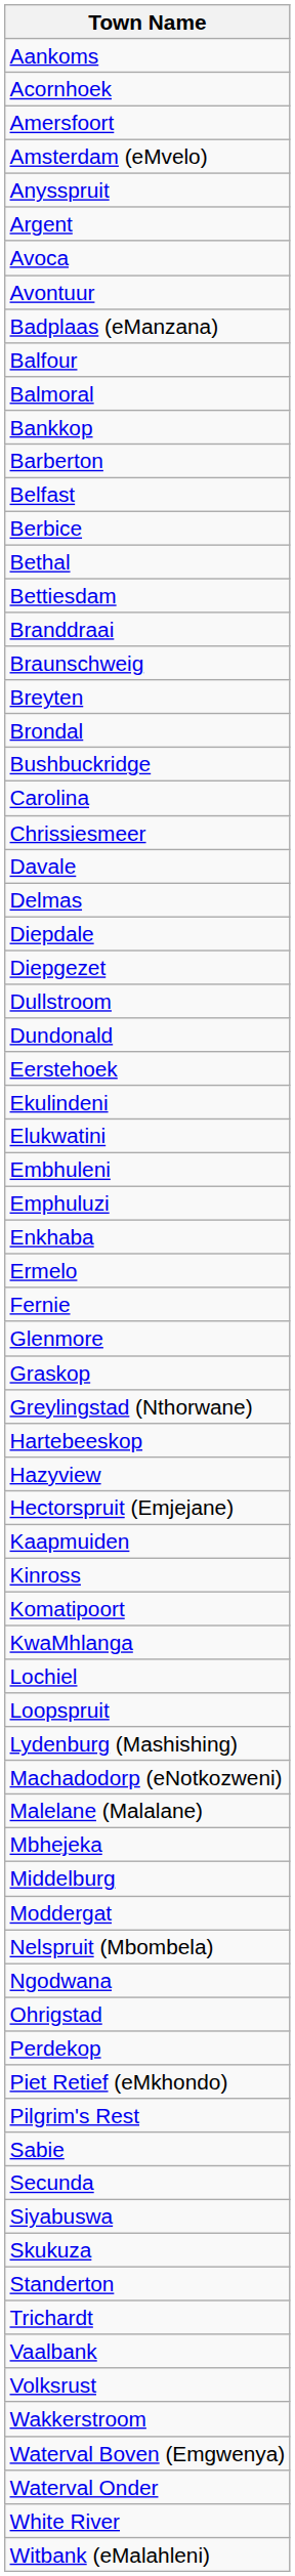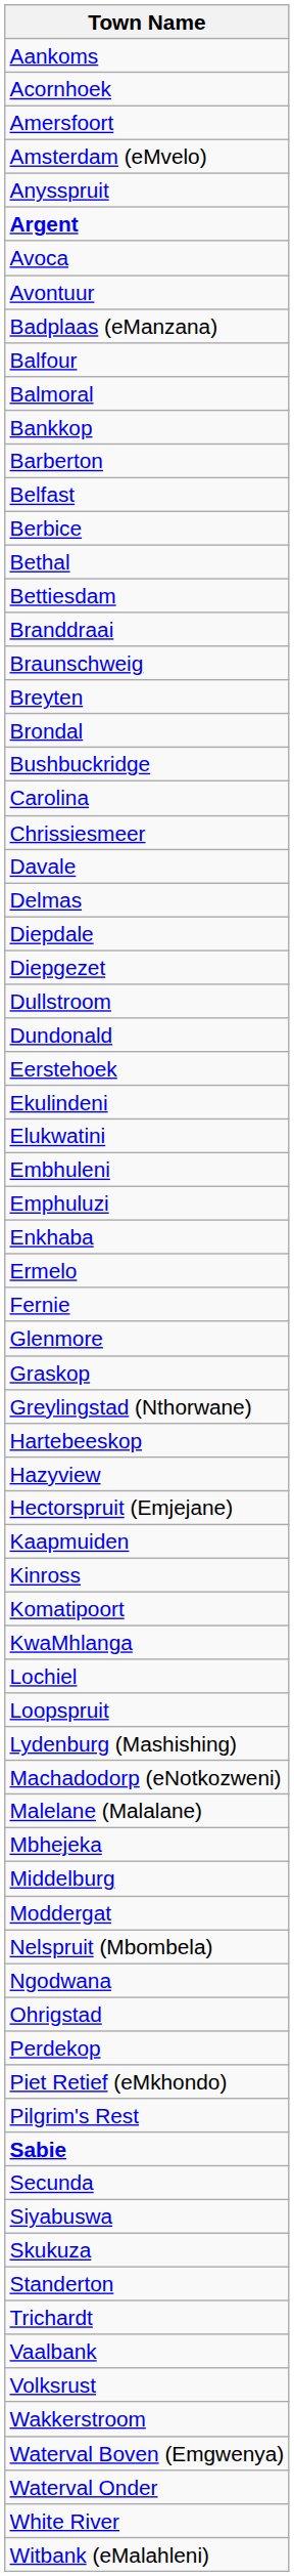 <table class="wikitable sortable" style="font-size: 95%;">
 <tr>
 <th>Town Name</th>
 </tr>
 <tr>
 <td><a href='#'>Aankoms</a></td>
 </tr>
 <tr>
 <td><a href='#'>Acornhoek</a></td>
 </tr>
 <tr>
 <td><a href='#'>Amersfoort</a></td>
 </tr>
 <tr>
 <td><a href='#'>Amsterdam</a> (eMvelo)</td>
 </tr>
 <tr>
 <td><a href='#'>Anysspruit</a></td>
 </tr>
 <tr>
-<td><a href='#'>Argent</a></td>
+<td><strong><a href='#'>Argent</a></strong></td>
 </tr>
 <tr>
 <td><a href='#'>Avoca</a></td>
 </tr>
 <tr>
 <td><a href='#'>Avontuur</a></td>
 </tr>
 <tr>
 <td><a href='#'>Badplaas</a> (eManzana)</td>
 </tr>
 <tr>
 <td><a href='#'>Balfour</a></td>
 </tr>
 <tr>
 <td><a href='#'>Balmoral</a></td>
 </tr>
 <tr>
 <td><a href='#'>Bankkop</a></td>
 </tr>
 <tr>
 <td><a href='#'>Barberton</a></td>
 </tr>
 <tr>
 <td><a href='#'>Belfast</a></td>
 </tr>
 <tr>
 <td><a href='#'>Berbice</a></td>
 </tr>
 <tr>
 <td><a href='#'>Bethal</a></td>
 </tr>
 <tr>
 <td><a href='#'>Bettiesdam</a></td>
 </tr>
 <tr>
 <td><a href='#'>Branddraai</a></td>
 </tr>
 <tr>
 <td><a href='#'>Braunschweig</a></td>
 </tr>
 <tr>
 <td><a href='#'>Breyten</a></td>
 </tr>
 <tr>
 <td><a href='#'>Brondal</a></td>
 </tr>
 <tr>
 <td><a href='#'>Bushbuckridge</a></td>
 </tr>
 <tr>
 <td><a href='#'>Carolina</a></td>
 </tr>
 <tr>
 <td><a href='#'>Chrissiesmeer</a></td>
 </tr>
 <tr>
 <td><a href='#'>Davale</a></td>
 </tr>
 <tr>
 <td><a href='#'>Delmas</a></td>
 </tr>
 <tr>
 <td><a href='#'>Diepdale</a></td>
 </tr>
 <tr>
 <td><a href='#'>Diepgezet</a></td>
 </tr>
 <tr>
 <td><a href='#'>Dullstroom</a></td>
 </tr>
 <tr>
 <td><a href='#'>Dundonald</a></td>
 </tr>
 <tr>
 <td><a href='#'>Eerstehoek</a></td>
 </tr>
 <tr>
 <td><a href='#'>Ekulindeni</a></td>
 </tr>
 <tr>
 <td><a href='#'>Elukwatini</a></td>
 </tr>
 <tr>
 <td><a href='#'>Embhuleni</a></td>
 </tr>
 <tr>
 <td><a href='#'>Emphuluzi</a></td>
 </tr>
 <tr>
 <td><a href='#'>Enkhaba</a></td>
 </tr>
 <tr>
 <td><a href='#'>Ermelo</a></td>
 </tr>
 <tr>
 <td><a href='#'>Fernie</a></td>
 </tr>
 <tr>
 <td><a href='#'>Glenmore</a></td>
 </tr>
 <tr>
 <td><a href='#'>Graskop</a></td>
 </tr>
 <tr>
 <td><a href='#'>Greylingstad</a> (Nthorwane)</td>
 </tr>
 <tr>
 <td><a href='#'>Hartebeeskop</a></td>
 </tr>
 <tr>
 <td><a href='#'>Hazyview</a></td>
 </tr>
 <tr>
 <td><a href='#'>Hectorspruit</a> (Emjejane)</td>
 </tr>
 <tr>
 <td><a href='#'>Kaapmuiden</a></td>
 </tr>
 <tr>
 <td><a href='#'>Kinross</a></td>
 </tr>
 <tr>
 <td><a href='#'>Komatipoort</a></td>
 </tr>
 <tr>
 <td><a href='#'>KwaMhlanga</a></td>
 </tr>
 <tr>
 <td><a href='#'>Lochiel</a></td>
 </tr>
 <tr>
 <td><a href='#'>Loopspruit</a></td>
 </tr>
 <tr>
 <td><a href='#'>Lydenburg</a> (Mashishing)</td>
 </tr>
 <tr>
 <td><a href='#'>Machadodorp</a> (eNotkozweni)</td>
 </tr>
 <tr>
 <td><a href='#'>Malelane</a> (Malalane)</td>
 </tr>
 <tr>
 <td><a href='#'>Mbhejeka</a></td>
 </tr>
 <tr>
 <td><a href='#'>Middelburg</a></td>
 </tr>
 <tr>
 <td><a href='#'>Moddergat</a></td>
 </tr>
 <tr>
 <td><a href='#'>Nelspruit</a> (Mbombela)</td>
 </tr>
 <tr>
 <td><a href='#'>Ngodwana</a></td>
 </tr>
 <tr>
 <td><a href='#'>Ohrigstad</a></td>
 </tr>
 <tr>
 <td><a href='#'>Perdekop</a></td>
 </tr>
 <tr>
 <td><a href='#'>Piet Retief</a> (eMkhondo)</td>
 </tr>
 <tr>
 <td><a href='#'>Pilgrim's Rest</a></td>
 </tr>
 <tr>
-<td><a href='#'>Sabie</a></td>
+<td><strong><a href='#'>Sabie</a></strong></td>
 </tr>
 <tr>
 <td><a href='#'>Secunda</a></td>
 </tr>
 <tr>
 <td><a href='#'>Siyabuswa</a></td>
 </tr>
 <tr>
 <td><a href='#'>Skukuza</a></td>
 </tr>
 <tr>
 <td><a href='#'>Standerton</a></td>
 </tr>
 <tr>
 <td><a href='#'>Trichardt</a></td>
 </tr>
 <tr>
 <td><a href='#'>Vaalbank</a></td>
 </tr>
 <tr>
 <td><a href='#'>Volksrust</a></td>
 </tr>
 <tr>
 <td><a href='#'>Wakkerstroom</a></td>
 </tr>
 <tr>
 <td><a href='#'>Waterval Boven</a> (Emgwenya)</td>
 </tr>
 <tr>
 <td><a href='#'>Waterval Onder</a></td>
 </tr>
 <tr>
 <td><a href='#'>White River</a></td>
 </tr>
 <tr>
 <td><a href='#'>Witbank</a> (eMalahleni)</td>
 </tr>
 </table>
